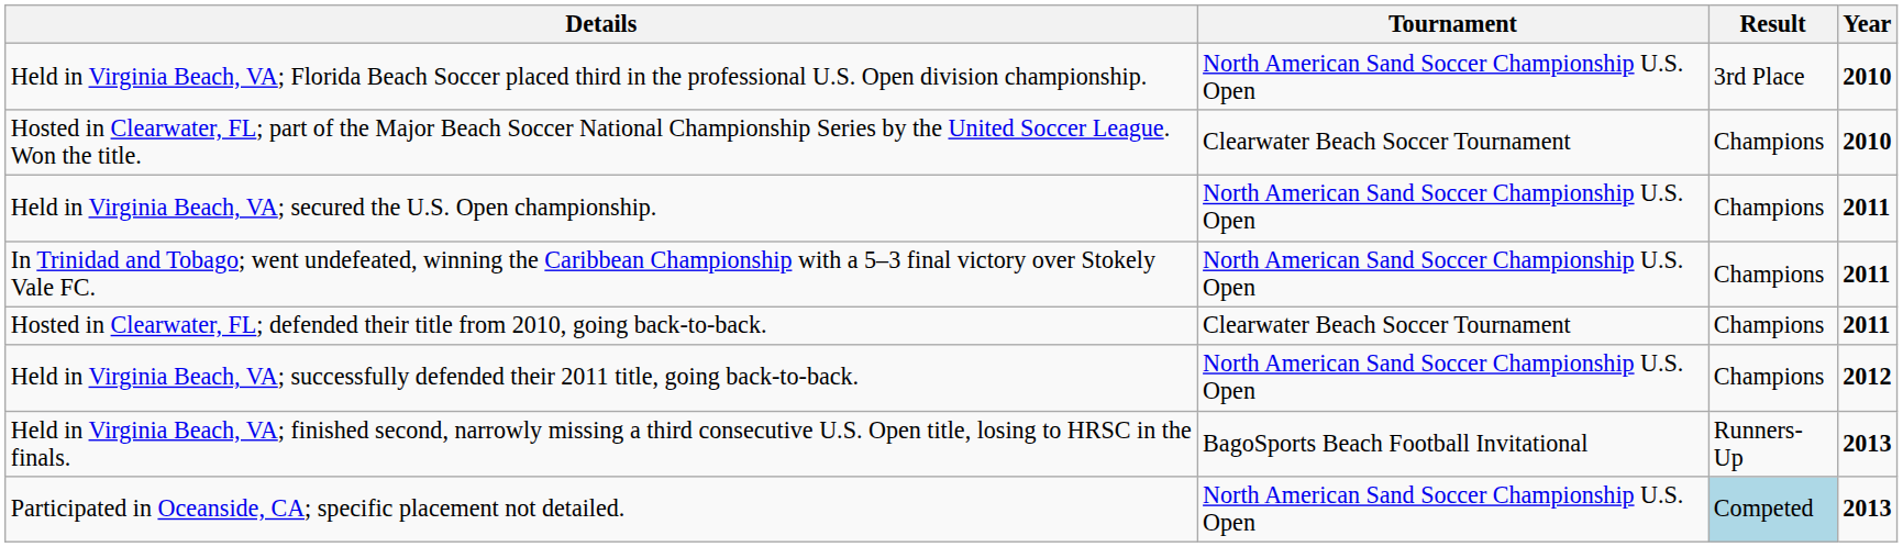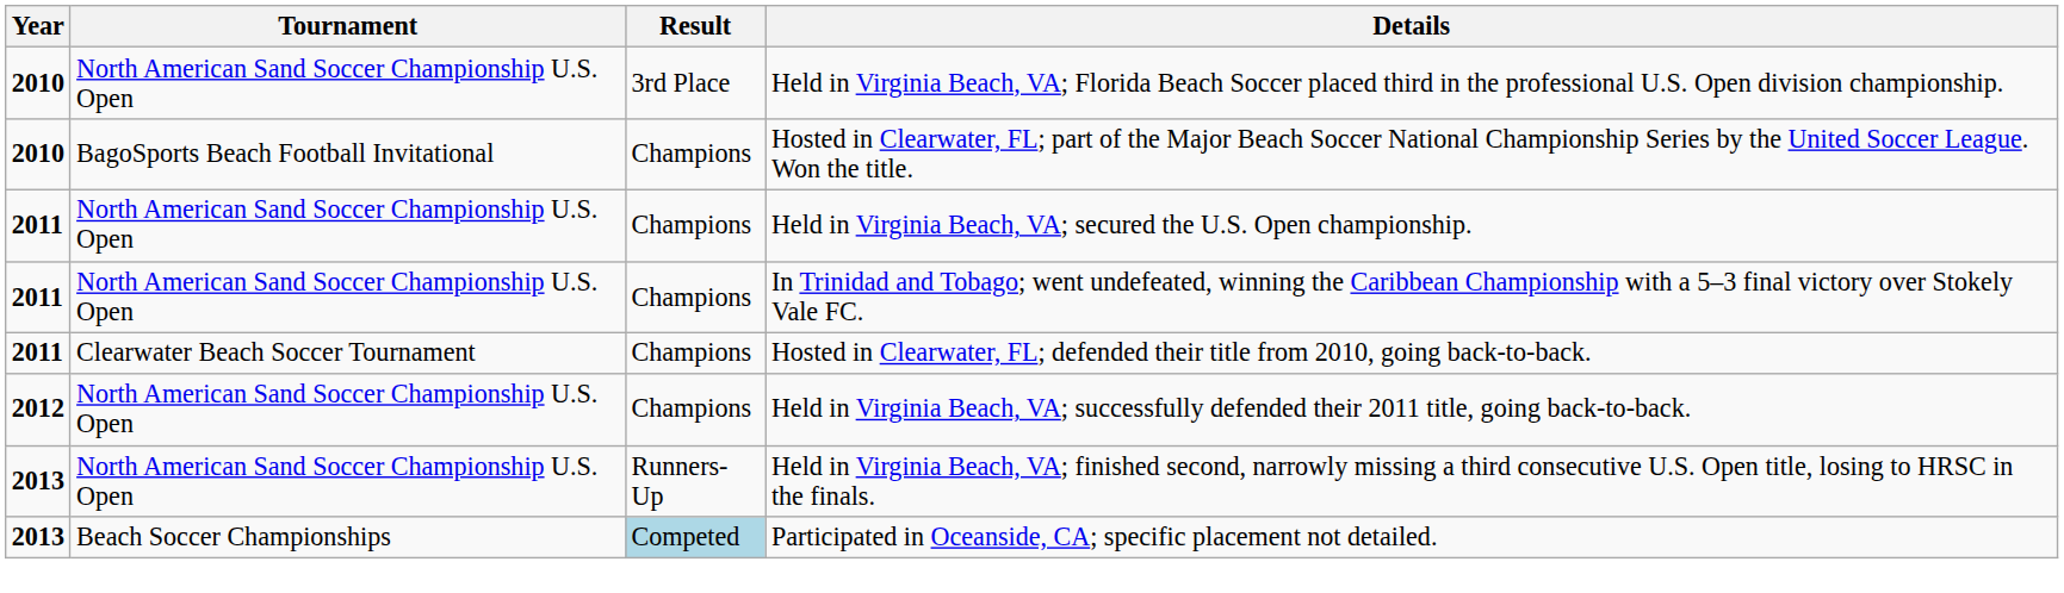 <table class="wikitable">
 <tr>
-<th><strong>Details</strong></th>
+<th><strong>Year</strong></th>
 <th><strong>Tournament</strong></th>
 <th><strong>Result</strong></th>
-<th><strong>Year</strong></th>
+<th><strong>Details</strong></th>
 </tr>
 <tr>
-<td>Held in <a href='#'>Virginia Beach, VA</a>; Florida Beach Soccer placed third in the professional U.S. Open division championship.</td>
+<td><strong>2010</strong></td>
 <td><a href='#'>North American Sand Soccer Championship</a> U.S. Open</td>
 <td>3rd Place</td>
-<td><strong>2010</strong></td>
+<td>Held in <a href='#'>Virginia Beach, VA</a>; Florida Beach Soccer placed third in the professional U.S. Open division championship.</td>
 </tr>
 <tr>
+<td><strong>2010</strong></td>
+<td>BagoSports Beach Football Invitational</td>
+<td>Champions</td>
 <td>Hosted in <a href='#'>Clearwater, FL</a>; part of the Major Beach Soccer National Championship Series by the <a href='#'>United Soccer League</a>. Won the title.</td>
+</tr>
+<tr>
+<td><strong>2011</strong></td>
+<td><a href='#'>North American Sand Soccer Championship</a> U.S. Open</td>
+<td>Champions</td>
+<td>Held in <a href='#'>Virginia Beach, VA</a>; secured the U.S. Open championship.</td>
+</tr>
+<tr>
+<td><strong>2011</strong></td>
+<td><a href='#'>North American Sand Soccer Championship</a> U.S. Open</td>
+<td>Champions</td>
+<td>In <a href='#'>Trinidad and Tobago</a>; went undefeated, winning the <a href='#'>Caribbean Championship</a> with a 5–3 final victory over Stokely Vale FC.</td>
+</tr>
+<tr>
+<td><strong>2011</strong></td>
 <td>Clearwater Beach Soccer Tournament</td>
 <td>Champions</td>
-<td><strong>2010</strong></td>
+<td>Hosted in <a href='#'>Clearwater, FL</a>; defended their title from 2010, going back-to-back.</td>
 </tr>
 <tr>
-<td>Held in <a href='#'>Virginia Beach, VA</a>; secured the U.S. Open championship.</td>
+<td><strong>2012</strong></td>
 <td><a href='#'>North American Sand Soccer Championship</a> U.S. Open</td>
 <td>Champions</td>
-<td><strong>2011</strong></td>
+<td>Held in <a href='#'>Virginia Beach, VA</a>; successfully defended their 2011 title, going back-to-back.</td>
 </tr>
 <tr>
-<td>In <a href='#'>Trinidad and Tobago</a>; went undefeated, winning the <a href='#'>Caribbean Championship</a> with a 5–3 final victory over Stokely Vale FC.</td>
+<td><strong>2013</strong></td>
 <td><a href='#'>North American Sand Soccer Championship</a> U.S. Open</td>
-<td>Champions</td>
-<td><strong>2011</strong></td>
+<td>Runners-Up</td>
+<td>Held in <a href='#'>Virginia Beach, VA</a>; finished second, narrowly missing a third consecutive U.S. Open title, losing to HRSC in the finals.</td>
 </tr>
 <tr>
-<td>Hosted in <a href='#'>Clearwater, FL</a>; defended their title from 2010, going back-to-back.</td>
-<td>Clearwater Beach Soccer Tournament</td>
-<td>Champions</td>
-<td><strong>2011</strong></td>
-</tr>
-<tr>
-<td>Held in <a href='#'>Virginia Beach, VA</a>; successfully defended their 2011 title, going back-to-back.</td>
-<td><a href='#'>North American Sand Soccer Championship</a> U.S. Open</td>
-<td>Champions</td>
-<td><strong>2012</strong></td>
-</tr>
-<tr>
-<td>Held in <a href='#'>Virginia Beach, VA</a>; finished second, narrowly missing a third consecutive U.S. Open title, losing to HRSC in the finals.</td>
-<td>BagoSports Beach Football Invitational</td>
-<td>Runners-Up</td>
 <td><strong>2013</strong></td>
-</tr>
-<tr>
+<td>Beach Soccer Championships</td>
+<td style="background: lightblue;">Competed</td>
 <td>Participated in <a href='#'>Oceanside, CA</a>; specific placement not detailed.</td>
-<td><a href='#'>North American Sand Soccer Championship</a> U.S. Open</td>
-<td style="background: lightblue;">Competed</td>
-<td><strong>2013</strong></td>
 </tr>
 </table>
